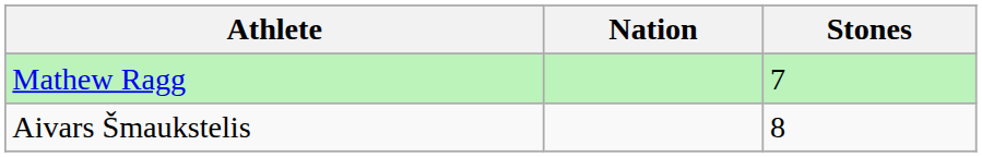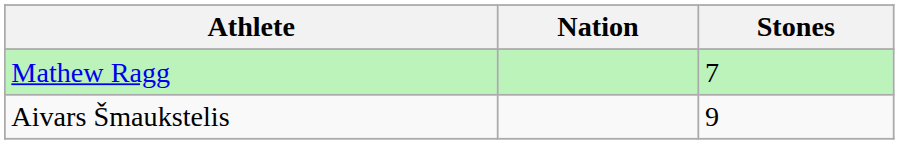 <table class="wikitable" style="display: inline-table; width: 40%;">
 <tr>
 <th scope="col">Athlete</th>
 <th scope="col">Nation</th>
 <th scope="col">Stones</th>
 </tr>
 <tr bgcolor=bbf3bb>
 <td><a href='#'>Mathew Ragg</a></td>
 <td></td>
 <td>7</td>
 </tr>
 <tr>
 <td>Aivars Šmaukstelis</td>
 <td></td>
-<td>8</td>
+<td>9</td>
 </tr>
 </table>
